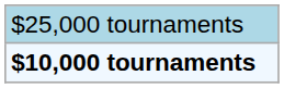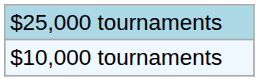 <table class="wikitable" style="font-size:85%; width:12%;">
 <tr style="background:lightblue;">
 <td>$25,000 tournaments</td>
 </tr>
 <tr style="background:#f0f8ff;">
-<td><strong>$10,000 tournaments</strong></td>
+<td>$10,000 tournaments</td>
 </tr>
 </table>
